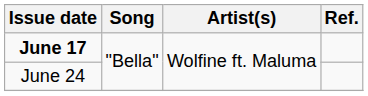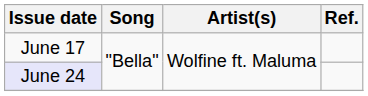 <table class="wikitable plainrowheaders" style="text-align: center;">
 <tr>
 <th>Issue date</th>
 <th>Song</th>
 <th>Artist(s)</th>
 <th>Ref.</th>
 </tr>
 <tr>
-<td><strong>June 17</strong></td>
+<td>June 17</td>
 <td rowspan="2">"Bella"</td>
 <td rowspan="2">Wolfine ft. Maluma</td>
 <td></td>
 </tr>
 <tr>
-<td>June 24</td>
+<td style="background: lavender;">June 24</td>
 <td></td>
 </tr>
 <tr>
 </tr>
 </table>
